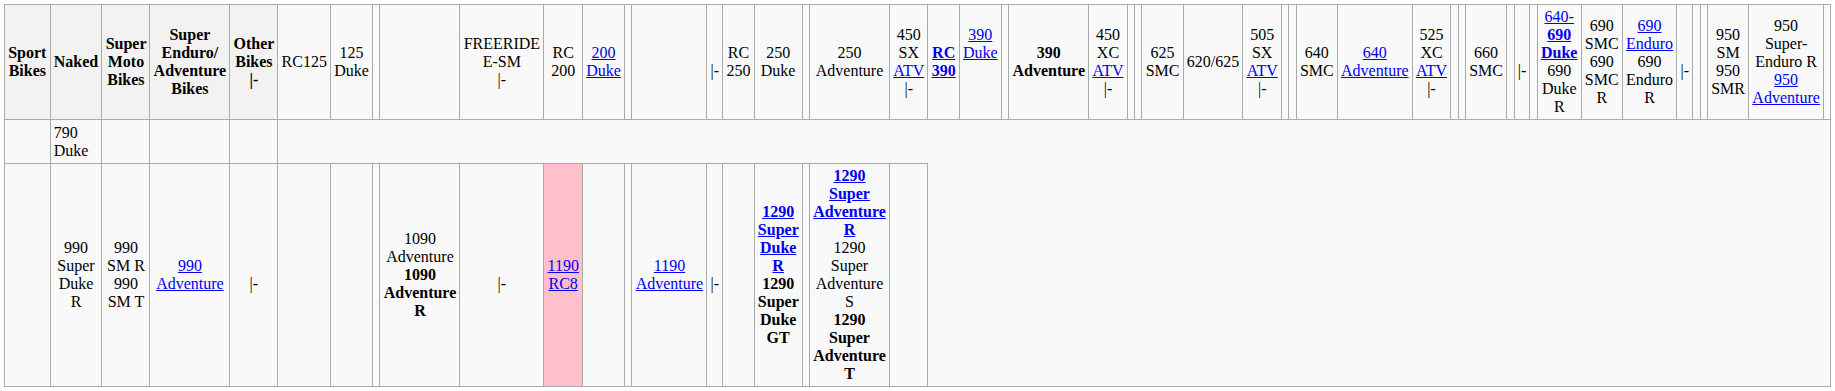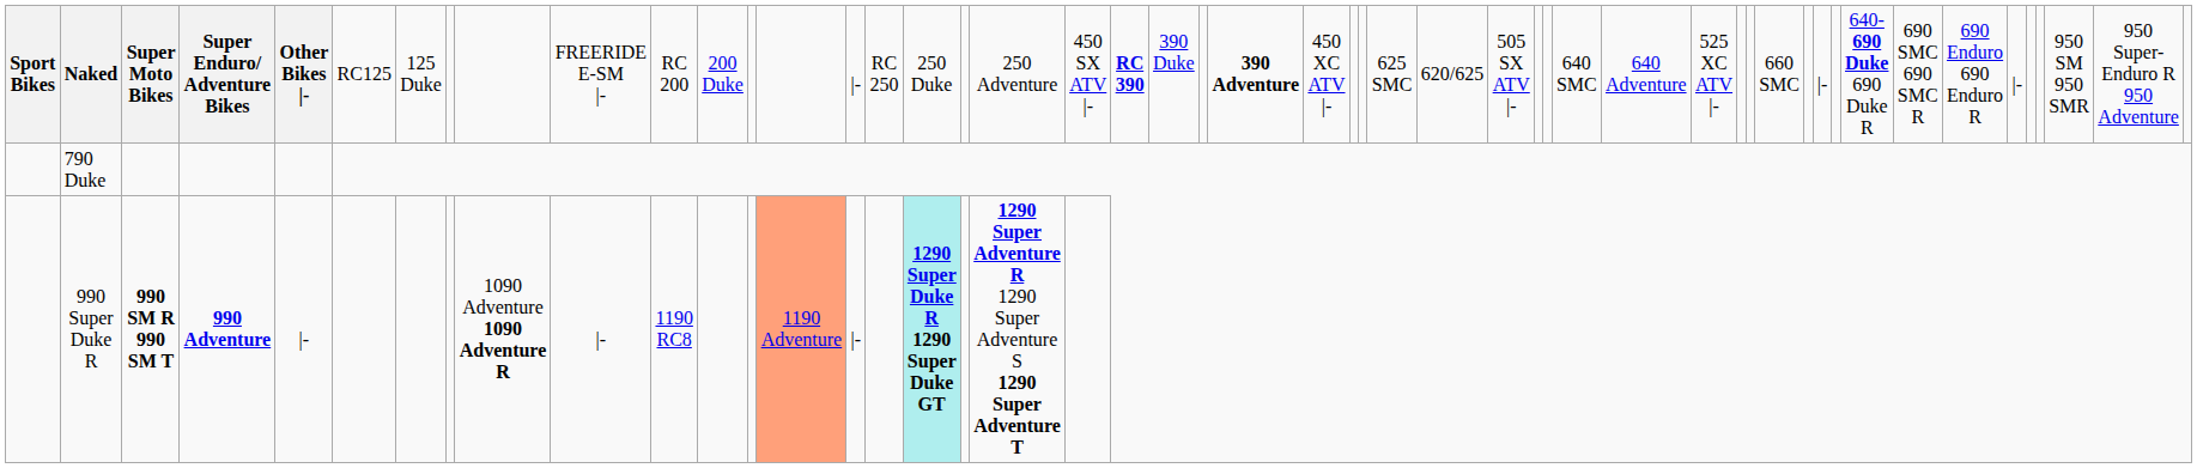 <table class="wikitable sortable" style="width:100%;">
 <tr>
 <th>Sport Bikes</th>
 <th>Naked</th>
 <th>Super Moto Bikes</th>
 <th>Super Enduro/<br>Adventure Bikes</th>
 <th>Other Bikes<br>|-</th>
 <td align="center">RC125</td>
 <td align="center">125 Duke</td>
 <td align="center"></td>
 <td align="center"></td>
 <td align="center">FREERIDE E-SM<br>|-</td>
 <td align="center">RC 200</td>
 <td align="center"><a href='#'>200 Duke</a></td>
 <td align="center"></td>
 <td align="center"></td>
 <td align="center"><br>|-</td>
 <td align="center">RC 250</td>
 <td align="center">250 Duke</td>
 <td align="center"></td>
 <td align="center">250 Adventure</td>
 <td align="center">450 SX <a href='#'>ATV</a><br>|-</td>
 <td align="center"><a href='#'><strong>RC 390</strong></a></td>
 <td align="center"><a href='#'>390 Duke</a><br><br><br></td>
 <td align="center"></td>
 <td align="center"><strong>390 Adventure</strong></td>
 <td align="center">450 XC <a href='#'>ATV</a><br>|-</td>
 <td align="center"></td>
 <td align="center"></td>
 <td align="center">625 SMC</td>
 <td align="center">620/625</td>
 <td align="center">505 SX <a href='#'>ATV</a><br>|-</td>
 <td align="center"></td>
 <td align="center"></td>
 <td align="center">640 SMC</td>
 <td align="center"><a href='#'>640 Adventure</a><br></td>
 <td align="center">525 XC <a href='#'>ATV</a><br>|-</td>
 <td align="center"></td>
 <td align="center"></td>
 <td align="center">660 SMC<br></td>
 <td align="center"></td>
 <td align="center"><br>|-</td>
 <td align="center"></td>
 <td align="center"><a href='#'>640-<strong>690 Duke</strong></a><br>690 Duke R<br></td>
 <td align="center">690 SMC<br>690 SMC R</td>
 <td align="center"><a href='#'>690 Enduro</a><br>690 Enduro R<br></td>
 <td align="center"><br>|-</td>
 <td align="center"></td>
 <td align="center"></td>
 <td align="center">950 SM<br>950 SMR<br></td>
 <td align="center">950 Super-Enduro R<br><a href='#'>950 Adventure</a><br></td>
 <td align="center"></td>
 </tr>
 <tr>
 <td></td>
 <td>790 Duke<br></td>
 <td></td>
 <td></td>
 <td></td>
 </tr>
 <tr>
 <td align="center"></td>
 <td align="center">990 Super Duke R</td>
-<td align="center">990 SM R<br>990 SM T</td>
-<td align="center"><a href='#'>990 Adventure</a></td>
+<td align="center"><strong>990 SM R<br>990 SM T</strong></td>
+<td align="center"><strong><a href='#'>990 Adventure</a></strong></td>
 <td align="center"><br>|-</td>
 <td align="center"></td>
 <td align="center"></td>
 <td align="center"></td>
 <td align="center">1090 Adventure<br><strong>1090 Adventure R</strong></td>
 <td align="center"><br>|-</td>
-<td align="center" style="background: pink;"><a href='#'>1190 RC8</a></td>
+<td align="center"><a href='#'>1190 RC8</a></td>
 <td align="center"></td>
 <td align="center"></td>
-<td align="center"><a href='#'>1190 Adventure</a></td>
+<td align="center" style="background: lightsalmon;"><a href='#'>1190 Adventure</a></td>
 <td align="center"><br>|-</td>
 <td align="center"></td>
-<td align="center"><a href='#'><strong>1290 Super Duke R</strong></a><br><strong>1290 Super Duke GT</strong><br></td>
+<td align="center" style="background: paleturquoise;"><a href='#'><strong>1290 Super Duke R</strong></a><br><strong>1290 Super Duke GT</strong><br></td>
 <td align="center"></td>
 <td align="center"><a href='#'><strong>1290 Super Adventure R</strong></a><br>1290 Super Adventure S<br><strong>1290 Super Adventure T</strong></td>
 <td align="center"></td>
 </tr>
 </table>
